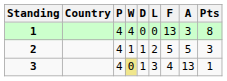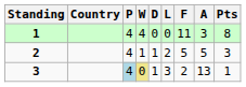 <table class="wikitable" style="text-align: center">
 <tr>
 <th scope="col">Standing</th>
 <th scope="col">Country</th>
 <th scope="col">P</th>
 <th scope="col">W</th>
 <th scope="col">D</th>
 <th scope="col">L</th>
 <th scope="col">F</th>
 <th scope="col">A</th>
 <th scope="col">Pts</th>
 </tr>
 <tr style="background:#ccffcc;">
 <td><strong>1</strong></td>
 <td style="text-align: left"><strong></strong></td>
 <td>4</td>
 <td>4</td>
 <td>0</td>
 <td>0</td>
-<td>13</td>
+<td>11</td>
 <td>3</td>
 <td>8</td>
 </tr>
 <tr>
 <td><strong>2</strong></td>
 <td style="text-align: left"></td>
 <td>4</td>
 <td>1</td>
 <td>1</td>
 <td>2</td>
 <td>5</td>
 <td>5</td>
 <td>3</td>
 </tr>
 <tr>
 <td><strong>3</strong></td>
 <td style="text-align: left"></td>
-<td>4</td>
+<td style="background: lightblue;">4</td>
 <td style="background: khaki;">0</td>
 <td>1</td>
 <td>3</td>
-<td>4</td>
+<td>2</td>
 <td>13</td>
 <td>1</td>
 </tr>
 </table>
